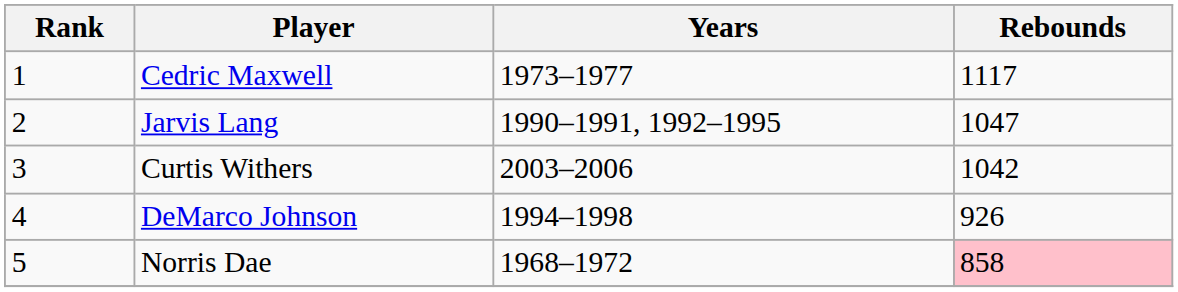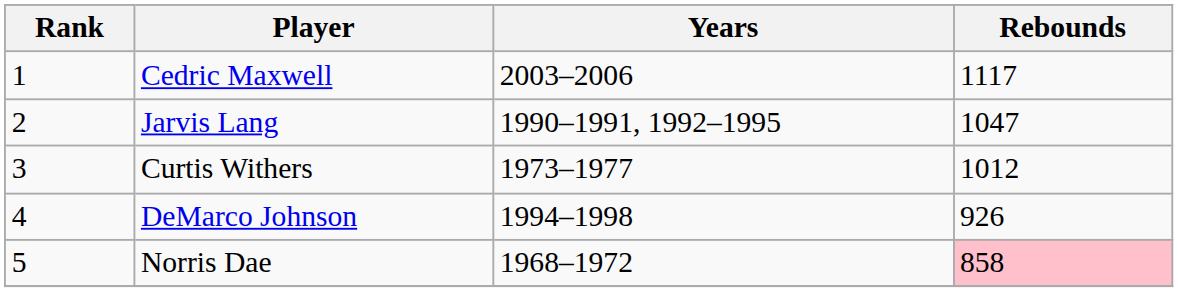 <table class="wikitable sortable" style="width: 50%">
 <tr>
 <th>Rank</th>
 <th>Player</th>
 <th>Years</th>
 <th>Rebounds</th>
 </tr>
 <tr>
 <td>1</td>
 <td><a href='#'>Cedric Maxwell</a></td>
-<td>1973–1977</td>
+<td>2003–2006</td>
 <td>1117</td>
 </tr>
 <tr>
 <td>2</td>
 <td><a href='#'>Jarvis Lang</a></td>
 <td>1990–1991, 1992–1995</td>
 <td>1047</td>
 </tr>
 <tr>
 <td>3</td>
 <td>Curtis Withers</td>
-<td>2003–2006</td>
-<td>1042</td>
+<td>1973–1977</td>
+<td>1012</td>
 </tr>
 <tr>
 <td>4</td>
 <td><a href='#'>DeMarco Johnson</a></td>
 <td>1994–1998</td>
 <td>926</td>
 </tr>
 <tr>
 <td>5</td>
 <td>Norris Dae</td>
 <td>1968–1972</td>
 <td style="background: pink;">858</td>
 </tr>
 <tr>
 </tr>
 </table>
